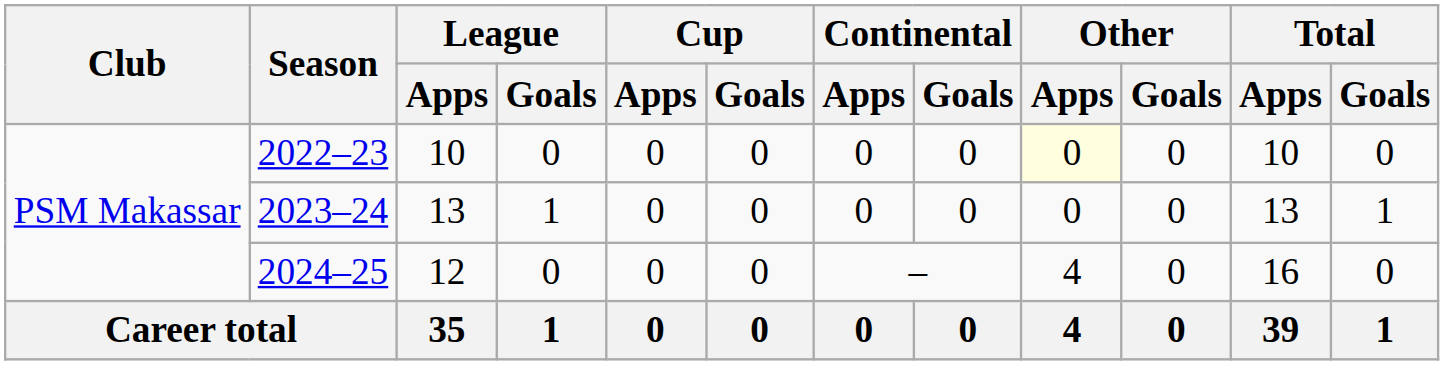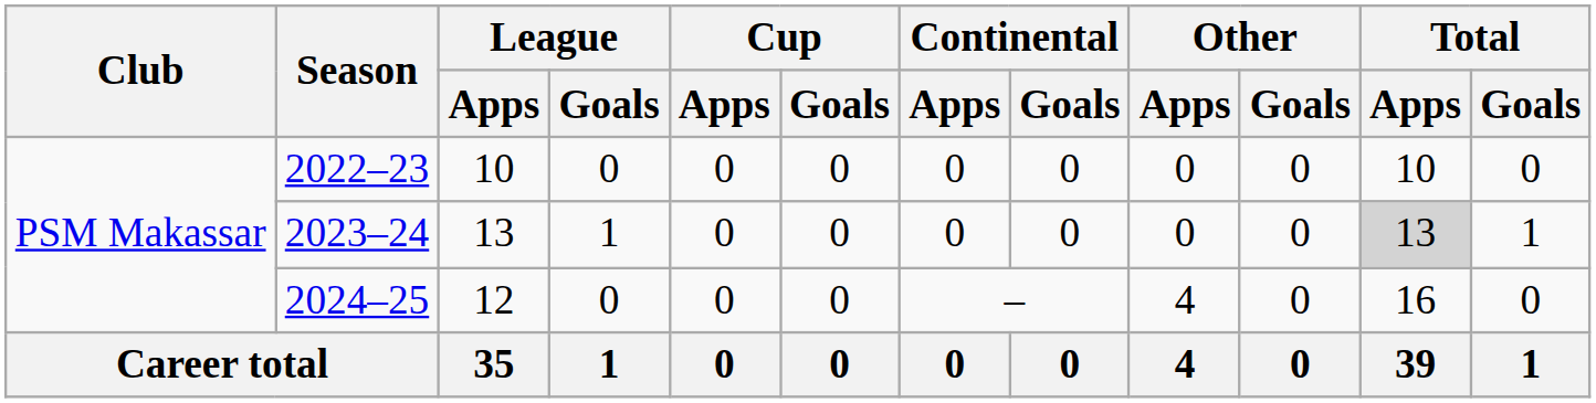 <table class="wikitable" style="text-align: center">
 <tr>
 <th rowspan="2">Club</th>
 <th rowspan="2">Season</th>
 <th colspan="2">League</th>
 <th colspan="2">Cup</th>
 <th colspan="2">Continental</th>
 <th colspan="2">Other</th>
 <th colspan="2">Total</th>
 </tr>
 <tr>
 <th>Apps</th>
 <th>Goals</th>
 <th>Apps</th>
 <th>Goals</th>
 <th>Apps</th>
 <th>Goals</th>
 <th>Apps</th>
 <th>Goals</th>
 <th>Apps</th>
 <th>Goals</th>
 </tr>
 <tr>
 <td rowspan="3"><a href='#'>PSM Makassar</a></td>
 <td><a href='#'>2022–23</a></td>
 <td>10</td>
 <td>0</td>
 <td>0</td>
 <td>0</td>
 <td>0</td>
 <td>0</td>
-<td style="background: lightyellow;">0</td>
+<td>0</td>
 <td>0</td>
 <td>10</td>
 <td>0</td>
 </tr>
 <tr>
 <td><a href='#'>2023–24</a></td>
 <td>13</td>
 <td>1</td>
 <td>0</td>
 <td>0</td>
 <td>0</td>
 <td>0</td>
 <td>0</td>
 <td>0</td>
-<td>13</td>
+<td style="background: lightgrey;">13</td>
 <td>1</td>
 </tr>
 <tr>
 <td><a href='#'>2024–25</a></td>
 <td>12</td>
 <td>0</td>
 <td>0</td>
 <td>0</td>
 <td colspan="2">–</td>
 <td>4</td>
 <td>0</td>
 <td>16</td>
 <td>0</td>
 </tr>
 <tr>
 <th colspan=2>Career total</th>
 <th>35</th>
 <th>1</th>
 <th>0</th>
 <th>0</th>
 <th>0</th>
 <th>0</th>
 <th>4</th>
 <th>0</th>
 <th>39</th>
 <th>1</th>
 </tr>
 </table>
